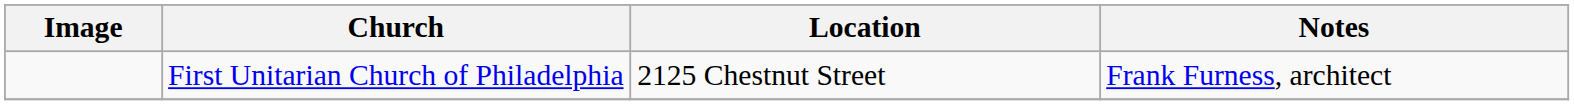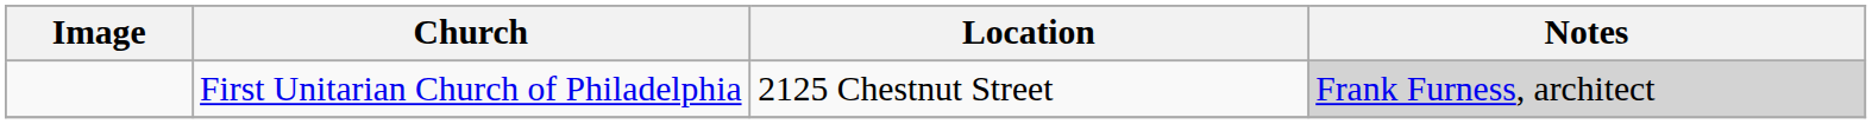 <table class="wikitable">
 <tr>
 <th width="10%">Image</th>
 <th width="30%">Church</th>
 <th width="30%">Location</th>
 <th width="30%">Notes</th>
 </tr>
 <tr>
 <td></td>
 <td><a href='#'>First Unitarian Church of Philadelphia</a></td>
 <td>2125 Chestnut Street</td>
-<td><a href='#'>Frank Furness</a>, architect</td>
+<td style="background: lightgrey;"><a href='#'>Frank Furness</a>, architect</td>
 </tr>
 <tr>
 </tr>
 </table>
